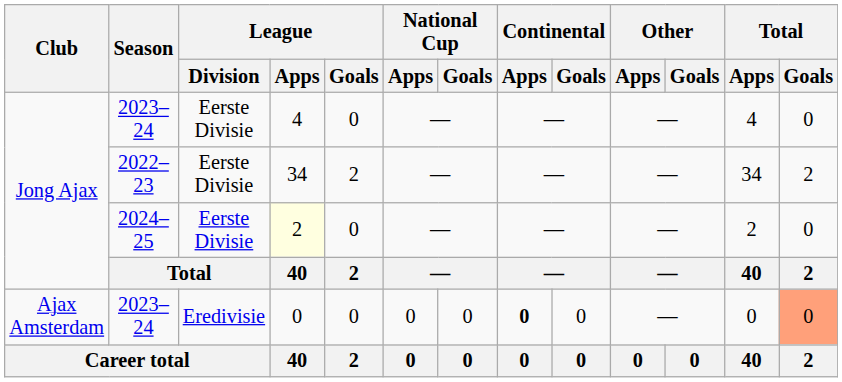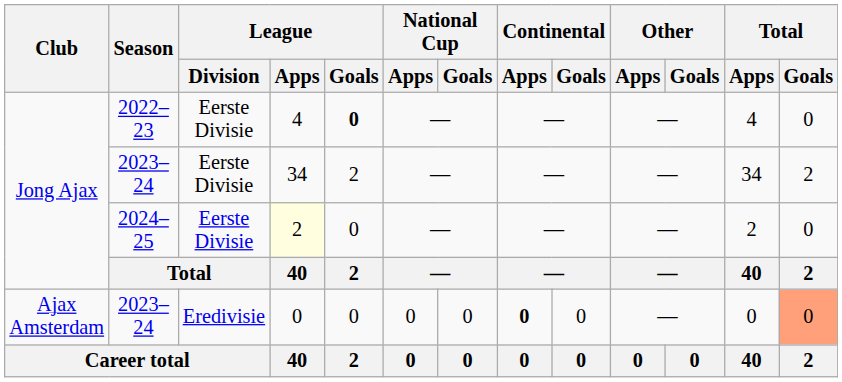 <table class="wikitable" style="text-align:center">
 <tr>
 <th rowspan=2>Club</th>
 <th rowspan=2>Season</th>
 <th colspan=3>League</th>
 <th colspan=2>National Cup</th>
 <th colspan=2>Continental</th>
 <th colspan=2>Other</th>
 <th colspan=2>Total</th>
 </tr>
 <tr>
 <th>Division</th>
 <th>Apps</th>
 <th>Goals</th>
 <th>Apps</th>
 <th>Goals</th>
 <th>Apps</th>
 <th>Goals</th>
 <th>Apps</th>
 <th>Goals</th>
 <th>Apps</th>
 <th>Goals</th>
 </tr>
 <tr>
 <td rowspan="4"><a href='#'>Jong Ajax</a></td>
-<td><a href='#'>2023–24</a></td>
+<td><a href='#'>2022–23</a></td>
 <td>Eerste Divisie</td>
 <td>4</td>
-<td>0</td>
+<td><strong>0</strong></td>
 <td colspan="2">—</td>
 <td colspan="2">—</td>
 <td colspan="2">—</td>
 <td>4</td>
 <td>0</td>
 </tr>
 <tr>
-<td><a href='#'>2022–23</a></td>
+<td><a href='#'>2023–24</a></td>
 <td>Eerste Divisie</td>
 <td>34</td>
 <td>2</td>
 <td colspan="2">—</td>
 <td colspan="2">—</td>
 <td colspan="2">—</td>
 <td>34</td>
 <td>2</td>
 </tr>
 <tr>
 <td><a href='#'>2024–25</a></td>
 <td><a href='#'>Eerste Divisie</a></td>
 <td style="background: lightyellow;">2</td>
 <td>0</td>
 <td colspan="2">—</td>
 <td colspan="2">—</td>
 <td colspan="2">—</td>
 <td>2</td>
 <td>0</td>
 </tr>
 <tr>
 <th colspan="2">Total</th>
 <th>40</th>
 <th>2</th>
 <th colspan="2">—</th>
 <th colspan="2">—</th>
 <th colspan="2">—</th>
 <th>40</th>
 <th>2</th>
 </tr>
 <tr>
 <td><a href='#'>Ajax Amsterdam</a></td>
 <td><a href='#'>2023–24</a></td>
 <td><a href='#'>Eredivisie</a></td>
 <td>0</td>
 <td>0</td>
 <td>0</td>
 <td>0</td>
 <td><strong>0</strong></td>
 <td>0</td>
 <td colspan="2">—</td>
 <td>0</td>
 <td style="background: lightsalmon;">0</td>
 </tr>
 <tr>
 <th colspan="3">Career total</th>
 <th>40</th>
 <th>2</th>
 <th>0</th>
 <th>0</th>
 <th>0</th>
 <th>0</th>
 <th>0</th>
 <th>0</th>
 <th>40</th>
 <th>2</th>
 </tr>
 </table>
